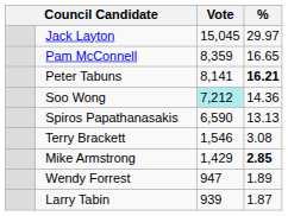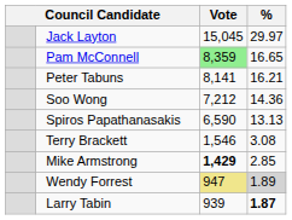 <table class="wikitable">
 <tr>
 <th bgcolor="#DDDDFF" width="230px" colspan="2">Council Candidate</th>
 <th bgcolor="#DDDDFF" width="50px">Vote</th>
 <th bgcolor="#DDDDFF" width="30px">%</th>
 </tr>
 <tr>
 <td bgcolor=#DCDCDC width="30px"> </td>
 <td>  <a href='#'>Jack Layton</a></td>
 <td>15,045</td>
 <td>29.97</td>
 </tr>
 <tr>
 <td bgcolor=#DCDCDC width="30px"> </td>
 <td>  <a href='#'>Pam McConnell</a></td>
-<td>8,359</td>
+<td style="background: lightgreen;">8,359</td>
 <td>16.65</td>
 </tr>
 <tr>
 <td bgcolor=#DCDCDC width="30px"> </td>
 <td>  Peter Tabuns</td>
 <td>8,141</td>
-<td><strong>16.21</strong></td>
+<td>16.21</td>
 </tr>
 <tr>
 <td bgcolor=#DCDCDC width="30px"> </td>
 <td>  Soo Wong</td>
-<td style="background: paleturquoise;">7,212</td>
+<td>7,212</td>
 <td>14.36</td>
 </tr>
 <tr>
 <td bgcolor=#DCDCDC width="30px"> </td>
 <td>  Spiros Papathanasakis</td>
 <td>6,590</td>
 <td>13.13</td>
 </tr>
 <tr>
 <td bgcolor=#DCDCDC width="30px"> </td>
 <td>  Terry Brackett</td>
 <td>1,546</td>
 <td>3.08</td>
 </tr>
 <tr>
 <td bgcolor=#DCDCDC width="30px"> </td>
 <td>  Mike Armstrong</td>
-<td>1,429</td>
-<td><strong>2.85</strong></td>
+<td><strong>1,429</strong></td>
+<td>2.85</td>
 </tr>
 <tr>
 <td bgcolor=#DCDCDC width="30px"> </td>
 <td>  Wendy Forrest</td>
-<td>947</td>
-<td>1.89</td>
+<td style="background: khaki;">947</td>
+<td style="background: lightgrey;">1.89</td>
 </tr>
 <tr>
 <td bgcolor=#DCDCDC width="30px"> </td>
 <td>  Larry Tabin</td>
 <td>939</td>
-<td>1.87</td>
+<td><strong>1.87</strong></td>
 </tr>
 </table>
